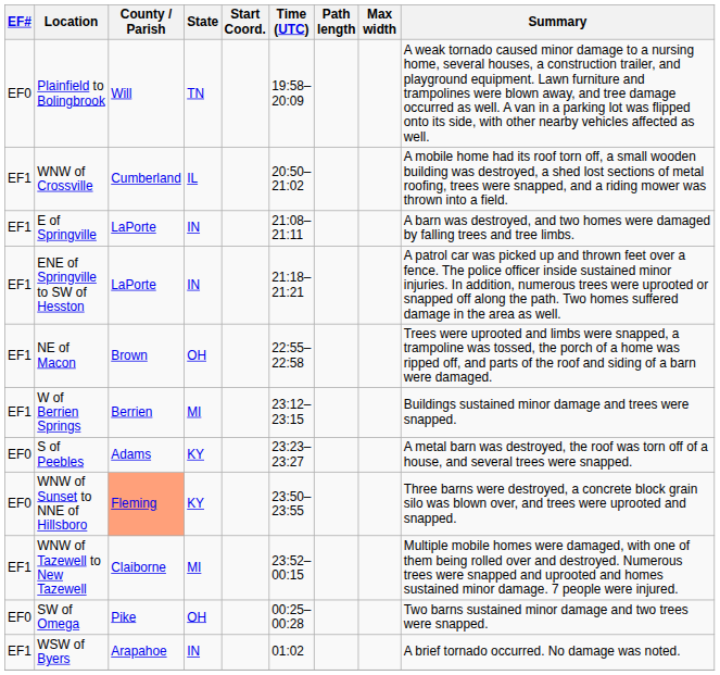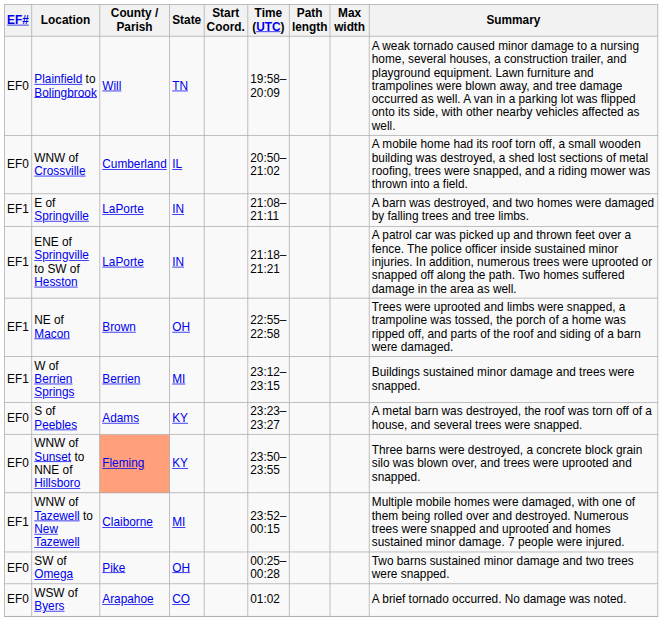 <table class="wikitable sortable" style="width:100%;">
 <tr>
 <th scope="col"  style="width:3%; text-align:center;"><a href='#'>EF#</a></th>
 <th scope="col"  style="width:7%; text-align:center;" class="unsortable">Location</th>
 <th scope="col"  style="width:6%; text-align:center;" class="unsortable">County / Parish</th>
 <th scope="col"  style="width:5%; text-align:center;">State</th>
 <th scope="col"  style="width:6%; text-align:center;">Start Coord.</th>
 <th scope="col"  style="width:6%; text-align:center;">Time (<a href='#'>UTC</a>)</th>
 <th scope="col"  style="width:6%; text-align:center;">Path length</th>
 <th scope="col"  style="width:6%; text-align:center;">Max width</th>
 <th scope="col" class="unsortable" style="width:48%; text-align:center;">Summary</th>
 </tr>
 <tr>
 <td>EF0</td>
 <td><a href='#'>Plainfield</a> to <a href='#'>Bolingbrook</a></td>
 <td><a href='#'>Will</a></td>
 <td><a href='#'>TN</a></td>
 <td></td>
 <td>19:58–20:09</td>
 <td></td>
 <td></td>
 <td>A weak tornado caused minor damage to a nursing home, several houses, a construction trailer, and playground equipment. Lawn furniture and trampolines were blown away, and tree damage occurred as well. A van in a parking lot was flipped onto its side, with other nearby vehicles affected as well.</td>
 </tr>
 <tr>
-<td>EF1</td>
+<td>EF0</td>
 <td>WNW of <a href='#'>Crossville</a></td>
 <td><a href='#'>Cumberland</a></td>
 <td><a href='#'>IL</a></td>
 <td></td>
 <td>20:50–21:02</td>
 <td></td>
 <td></td>
 <td>A mobile home had its roof torn off, a small wooden building was destroyed, a shed lost sections of metal roofing, trees were snapped, and a riding mower was thrown  into a field.</td>
 </tr>
 <tr>
 <td>EF1</td>
 <td>E of <a href='#'>Springville</a></td>
 <td><a href='#'>LaPorte</a></td>
 <td><a href='#'>IN</a></td>
 <td></td>
 <td>21:08–21:11</td>
 <td></td>
 <td></td>
 <td>A barn was destroyed, and two homes were damaged by falling trees and tree limbs.</td>
 </tr>
 <tr>
 <td>EF1</td>
 <td>ENE of <a href='#'>Springville</a> to SW of <a href='#'>Hesston</a></td>
 <td><a href='#'>LaPorte</a></td>
 <td><a href='#'>IN</a></td>
 <td></td>
 <td>21:18–21:21</td>
 <td></td>
 <td></td>
 <td>A patrol car was picked up and thrown  feet over a fence. The police officer inside sustained minor injuries. In addition, numerous trees were uprooted or snapped off along the path. Two homes suffered damage in the area as well.</td>
 </tr>
 <tr>
 <td>EF1</td>
 <td>NE of <a href='#'>Macon</a></td>
 <td><a href='#'>Brown</a></td>
 <td><a href='#'>OH</a></td>
 <td></td>
 <td>22:55–22:58</td>
 <td></td>
 <td></td>
 <td>Trees were uprooted and limbs were snapped, a trampoline was tossed, the porch of a home was ripped off, and parts of the roof and siding of a barn were damaged.</td>
 </tr>
 <tr>
 <td>EF1</td>
 <td>W of <a href='#'>Berrien Springs</a></td>
 <td><a href='#'>Berrien</a></td>
 <td><a href='#'>MI</a></td>
 <td></td>
 <td>23:12–23:15</td>
 <td></td>
 <td></td>
 <td>Buildings sustained minor damage and trees were snapped.</td>
 </tr>
 <tr>
 <td>EF0</td>
 <td>S of <a href='#'>Peebles</a></td>
 <td><a href='#'>Adams</a></td>
 <td><a href='#'>KY</a></td>
 <td></td>
 <td>23:23–23:27</td>
 <td></td>
 <td></td>
 <td>A metal barn was destroyed, the roof was torn off of a house, and several trees were snapped.</td>
 </tr>
 <tr>
 <td>EF0</td>
 <td>WNW of <a href='#'>Sunset</a> to NNE of <a href='#'>Hillsboro</a></td>
 <td style="background: lightsalmon;"><a href='#'>Fleming</a></td>
 <td><a href='#'>KY</a></td>
 <td></td>
 <td>23:50–23:55</td>
 <td></td>
 <td></td>
 <td>Three barns were destroyed, a concrete block grain silo was blown over, and trees were uprooted and snapped.</td>
 </tr>
 <tr>
 <td>EF1</td>
 <td>WNW of <a href='#'>Tazewell</a> to <a href='#'>New Tazewell</a></td>
 <td><a href='#'>Claiborne</a></td>
 <td><a href='#'>MI</a></td>
 <td></td>
 <td>23:52–00:15</td>
 <td></td>
 <td></td>
 <td>Multiple mobile homes were damaged, with one of them being rolled over and destroyed. Numerous trees were snapped and uprooted and homes sustained minor damage. 7 people were injured.</td>
 </tr>
 <tr>
 <td>EF0</td>
 <td>SW of <a href='#'>Omega</a></td>
 <td><a href='#'>Pike</a></td>
 <td><a href='#'>OH</a></td>
 <td></td>
 <td>00:25–00:28</td>
 <td></td>
 <td></td>
 <td>Two barns sustained minor damage and two trees were snapped.</td>
 </tr>
 <tr>
-<td>EF1</td>
+<td>EF0</td>
 <td>WSW of <a href='#'>Byers</a></td>
 <td><a href='#'>Arapahoe</a></td>
-<td><a href='#'>IN</a></td>
+<td><a href='#'>CO</a></td>
 <td></td>
 <td>01:02</td>
 <td></td>
 <td></td>
 <td>A brief tornado occurred. No damage was noted.</td>
 </tr>
 <tr>
 </tr>
 </table>
